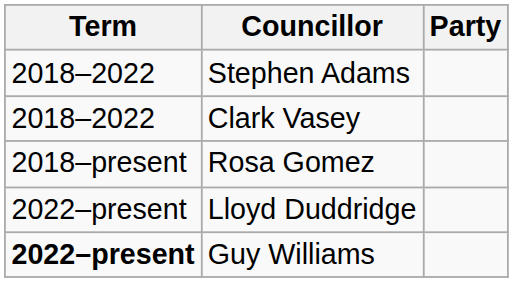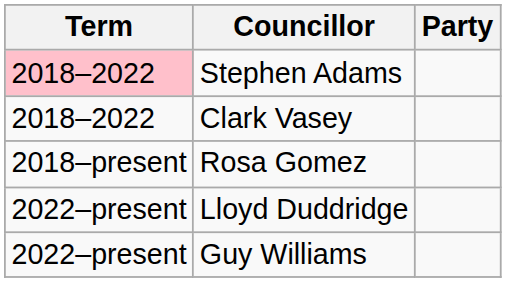 <table class="wikitable">
 <tr>
 <th>Term</th>
 <th>Councillor</th>
 <th colspan=2>Party</th>
 </tr>
 <tr>
-<td>2018–2022</td>
+<td style="background: pink;">2018–2022</td>
 <td>Stephen Adams</td>
 <td></td>
 </tr>
 <tr>
 <td>2018–2022</td>
 <td>Clark Vasey</td>
 <td></td>
 </tr>
 <tr>
 <td>2018–present</td>
 <td>Rosa Gomez</td>
 <td></td>
 </tr>
 <tr>
 <td>2022–present</td>
 <td>Lloyd Duddridge</td>
 <td></td>
 </tr>
 <tr>
-<td><strong>2022–present</strong></td>
+<td>2022–present</td>
 <td>Guy Williams</td>
 <td></td>
 </tr>
 </table>
